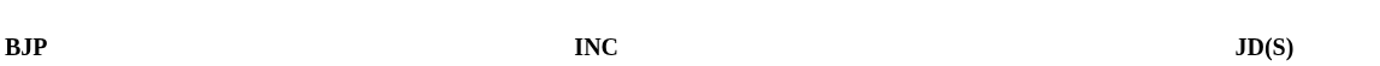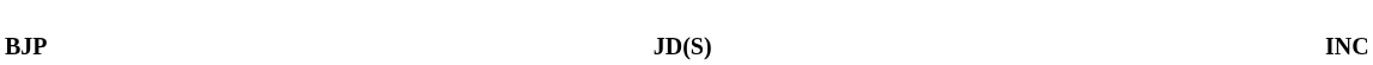 <table style="width:100%; text-align:center;">
 <tr style="color:white;">
 <td style="background:"><strong>17</strong></td>
+<td style="background:"><strong>2</strong></td>
 <td style="background:"><strong>9</strong></td>
-<td style="background:"><strong>2</strong></td>
 </tr>
 <tr>
 <td><span><strong>BJP</strong></span></td>
+<td><span><strong>JD(S)</strong></span></td>
 <td><span><strong>INC</strong></span></td>
-<td><span><strong>JD(S)</strong></span></td>
 </tr>
 </table>
